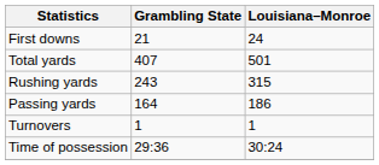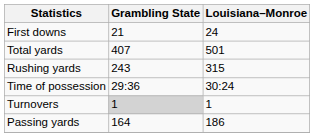 <table class="wikitable">
 <tr>
 <th>Statistics</th>
 <th>Grambling State</th>
 <th>Louisiana–Monroe</th>
 </tr>
 <tr>
 <td>First downs</td>
 <td>21</td>
 <td>24</td>
 </tr>
 <tr>
 <td>Total yards</td>
 <td>407</td>
 <td>501</td>
 </tr>
 <tr>
 <td>Rushing yards</td>
 <td>243</td>
 <td>315</td>
 </tr>
 <tr>
+<td>Time of possession</td>
+<td>29:36</td>
+<td>30:24</td>
+</tr>
+<tr>
+<td>Turnovers</td>
+<td style="background: lightgrey;">1</td>
+<td>1</td>
+</tr>
+<tr>
 <td>Passing yards</td>
 <td>164</td>
 <td>186</td>
 </tr>
 <tr>
-<td>Turnovers</td>
-<td>1</td>
-<td>1</td>
-</tr>
-<tr>
-<td>Time of possession</td>
-<td>29:36</td>
-<td>30:24</td>
-</tr>
-<tr>
 </tr>
 </table>
